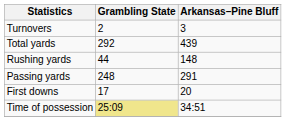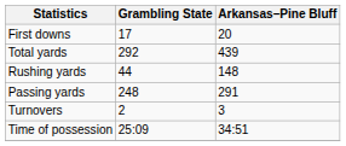 <table class="wikitable">
 <tr>
 <th>Statistics</th>
 <th>Grambling State</th>
 <th>Arkansas–Pine Bluff</th>
 </tr>
 <tr>
-<td>Turnovers</td>
-<td>2</td>
-<td>3</td>
+<td>First downs</td>
+<td>17</td>
+<td>20</td>
 </tr>
 <tr>
 <td>Total yards</td>
 <td>292</td>
 <td>439</td>
 </tr>
 <tr>
 <td>Rushing yards</td>
 <td>44</td>
 <td>148</td>
 </tr>
 <tr>
 <td>Passing yards</td>
 <td>248</td>
 <td>291</td>
 </tr>
 <tr>
-<td>First downs</td>
-<td>17</td>
-<td>20</td>
+<td>Turnovers</td>
+<td>2</td>
+<td>3</td>
 </tr>
 <tr>
 <td>Time of possession</td>
-<td style="background: khaki;">25:09</td>
+<td>25:09</td>
 <td>34:51</td>
 </tr>
 <tr>
 </tr>
 </table>
